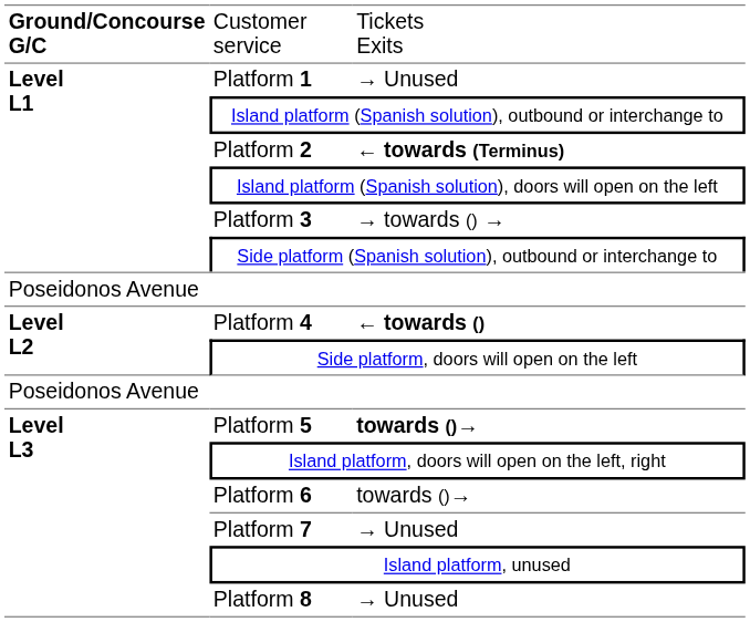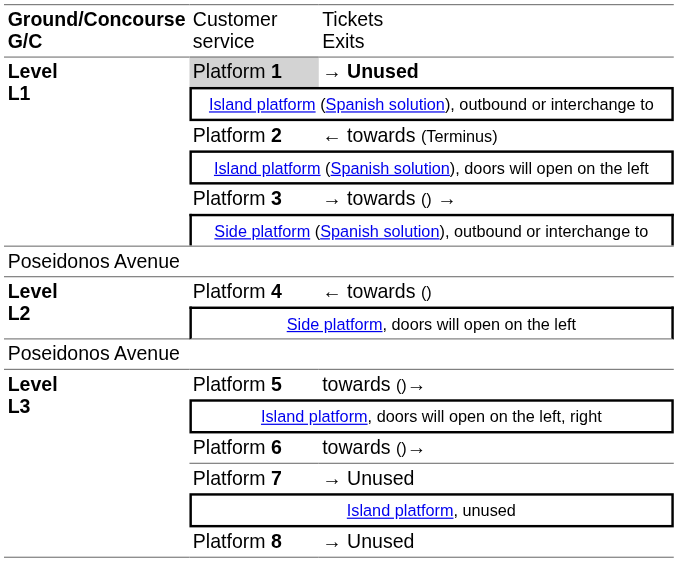 <table table border=0 cellspacing=0 cellpadding=3>
 <tr>
 <td style="border-top:solid 1px gray;" width=50 valign=top><strong>Ground/Concourse<br>G/C</strong></td>
 <td style="border-top:solid 1px gray;" width=100 valign=top>Customer service</td>
 <td style="border-top:solid 1px gray;" width=285 valign=top>Tickets<br>Exits</td>
 </tr>
 <tr>
 <td style="border-top:solid 1px gray;" rowspan=6 valign=top><strong>Level<br>L1</strong></td>
-<td style="border-top:solid 1px gray;">Platform <span><strong>1</strong></span></td>
-<td style="border-top:solid 1px gray;"><span>→</span> Unused</td>
+<td style="background: lightgrey; border-top:solid 1px gray;">Platform <span><strong>1</strong></span></td>
+<td style="border-top:solid 1px gray;"><strong><span>→</span> Unused</strong></td>
 </tr>
 <tr>
 <td style="border-top:solid 2px black;border-right:solid 2px black;border-left:solid 2px black;border-bottom:solid 2px black;text-align:center;" colspan=2><small><a href='#'>Island platform</a> (<a href='#'>Spanish solution</a>), outbound or interchange to </small></td>
 </tr>
 <tr>
 <td>Platform <span><strong>2</strong></span></td>
-<td><strong>←  towards  <small>(Terminus)</small></strong></td>
+<td>←  towards  <small>(Terminus)</small></td>
 </tr>
 <tr>
 <td style="border-right:solid 2px black;border-left:solid 2px black;border-top:solid 2px black;border-bottom:solid 2px black;text-align:center;" colspan=2><small><a href='#'>Island platform</a> (<a href='#'>Spanish solution</a>), doors will open on the left</small></td>
 </tr>
 <tr>
 <td>Platform <span><strong>3</strong></span></td>
 <td><span>→</span>  towards  <small>()</small> →</td>
 </tr>
 <tr>
 <td style="border-right:solid 2px black;border-left:solid 2px black;border-top:solid 2px black;border-bottom:solid 0px gray;text-align:center;" colspan=2><small><a href='#'>Side platform</a> (<a href='#'>Spanish solution</a>), outbound or interchange to </small></td>
 </tr>
 <tr>
 <td style="border-top:solid 1px gray;border-bottom:solid 1px gray;" colspan=3>Poseidonos Avenue</td>
 </tr>
 <tr>
 <td style="border-bottom:solid 1px gray;" rowspan=2 width=50 valign=top><strong>Level<br>L2</strong></td>
 <td>Platform <span><strong>4</strong></span></td>
-<td><strong>←  towards  <small>()</small></strong></td>
+<td>←  towards  <small>()</small></td>
 </tr>
 <tr>
 <td style="border-bottom:solid 1px gray; border-right:solid 2px black;border-left:solid 2px black;border-top:solid 2px black;text-align:center;" colspan=2><small><a href='#'>Side platform</a>, doors will open on the left</small></td>
 </tr>
 <tr>
 <td colspan=3>Poseidonos Avenue</td>
 </tr>
 <tr>
 <td style="border-top:solid 1px gray;border-bottom:solid 1px gray;" rowspan=6 width=50 valign=top><strong>Level<br>L3</strong></td>
 <td style="border-top:solid 1px gray;">Platform <span><strong>5</strong></span></td>
-<td style="border-top:solid 1px gray;"><strong> towards  <small>()</small>→</strong></td>
+<td style="border-top:solid 1px gray;"> towards  <small>()</small>→</td>
 </tr>
 <tr>
 <td style="border-right:solid 2px black;border-left:solid 2px black;border-top:solid 2px black;border-bottom:solid 2px black;text-align:center;" colspan=2><small><a href='#'>Island platform</a>, doors will open on the left, right</small></td>
 </tr>
 <tr>
 <td style="border-bottom:solid 1px gray;">Platform <span><strong>6</strong></span></td>
 <td style="border-bottom:solid 1px gray;"> towards  <small>()</small>→</td>
 </tr>
 <tr>
 <td>Platform <span><strong>7</strong></span></td>
 <td><span>→</span> Unused</td>
 </tr>
 <tr>
 <td style="border-right:solid 2px black;border-left:solid 2px black;border-top:solid 2px black;border-bottom:solid 2px black;text-align:center;" colspan=2><small><a href='#'>Island platform</a>, unused</small></td>
 </tr>
 <tr>
 <td style="border-bottom:solid 1px gray;">Platform <span><strong>8</strong></span></td>
 <td style="border-bottom:solid 1px gray;"><span>→</span> Unused</td>
 </tr>
 </table>
